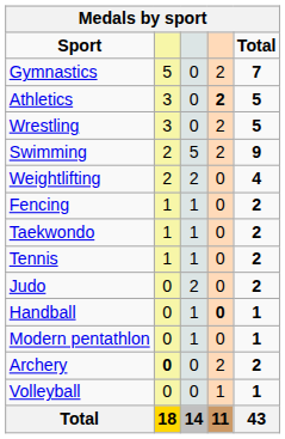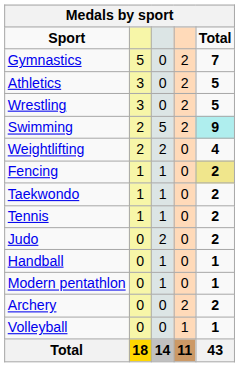 <table class="wikitable" style="font-size:85%;float:right;clear:right;">
 <tr style="background:#efefef;">
 <th colspan=5>Medals by sport</th>
 </tr>
 <tr align=center>
 <td><strong>Sport</strong></td>
 <td bgcolor=#f7f6a8></td>
 <td bgcolor=#dce5e5></td>
 <td bgcolor=#ffdab9></td>
 <td><strong>Total</strong></td>
 </tr>
 <tr align=center>
 <td align=left><a href='#'>Gymnastics</a></td>
 <td style="background:#F7F6A8;">5</td>
 <td style="background:#DCE5E5;">0</td>
 <td style="background:#FFDAB9;">2</td>
 <td><strong>7</strong></td>
 </tr>
 <tr align=center>
 <td align=left><a href='#'>Athletics</a></td>
 <td style="background:#F7F6A8;">3</td>
 <td style="background:#DCE5E5;">0</td>
-<td style="background:#FFDAB9;"><strong>2</strong></td>
+<td style="background:#FFDAB9;">2</td>
 <td><strong>5</strong></td>
 </tr>
 <tr align=center>
 <td align=left><a href='#'>Wrestling</a></td>
 <td style="background:#F7F6A8;">3</td>
 <td style="background:#DCE5E5;">0</td>
 <td style="background:#FFDAB9;">2</td>
 <td><strong>5</strong></td>
 </tr>
 <tr align=center>
 <td align=left><a href='#'>Swimming</a></td>
 <td style="background:#F7F6A8;">2</td>
 <td style="background:#DCE5E5;">5</td>
 <td style="background:#FFDAB9;">2</td>
-<td><strong>9</strong></td>
+<td style="background: paleturquoise;"><strong>9</strong></td>
 </tr>
 <tr align=center>
 <td align=left><a href='#'>Weightlifting</a></td>
 <td style="background:#F7F6A8;">2</td>
 <td style="background:#DCE5E5;">2</td>
 <td style="background:#FFDAB9;">0</td>
 <td><strong>4</strong></td>
 </tr>
 <tr align=center>
 <td align=left><a href='#'>Fencing</a></td>
 <td style="background:#F7F6A8;">1</td>
 <td style="background:#DCE5E5;">1</td>
 <td style="background:#FFDAB9;">0</td>
-<td><strong>2</strong></td>
+<td style="background: khaki;"><strong>2</strong></td>
 </tr>
 <tr align=center>
 <td align=left><a href='#'>Taekwondo</a></td>
 <td style="background:#F7F6A8;">1</td>
 <td style="background:#DCE5E5;">1</td>
 <td style="background:#FFDAB9;">0</td>
 <td><strong>2</strong></td>
 </tr>
 <tr align=center>
 <td align=left><a href='#'>Tennis</a></td>
 <td style="background:#F7F6A8;">1</td>
 <td style="background:#DCE5E5;">1</td>
 <td style="background:#FFDAB9;">0</td>
 <td><strong>2</strong></td>
 </tr>
 <tr align=center>
 <td align=left><a href='#'>Judo</a></td>
 <td style="background:#F7F6A8;">0</td>
 <td style="background:#DCE5E5;">2</td>
 <td style="background:#FFDAB9;">0</td>
 <td><strong>2</strong></td>
 </tr>
 <tr align=center>
 <td align=left><a href='#'>Handball</a></td>
 <td style="background:#F7F6A8;">0</td>
 <td style="background:#DCE5E5;">1</td>
-<td style="background:#FFDAB9;"><strong>0</strong></td>
+<td style="background:#FFDAB9;">0</td>
 <td><strong>1</strong></td>
 </tr>
 <tr align=center>
 <td align=left><a href='#'>Modern pentathlon</a></td>
 <td style="background:#F7F6A8;">0</td>
 <td style="background:#DCE5E5;">1</td>
 <td style="background:#FFDAB9;">0</td>
 <td><strong>1</strong></td>
 </tr>
 <tr align=center>
 <td align=left><a href='#'>Archery</a></td>
-<td style="background:#F7F6A8;"><strong>0</strong></td>
+<td style="background:#F7F6A8;">0</td>
 <td style="background:#DCE5E5;">0</td>
 <td style="background:#FFDAB9;">2</td>
 <td><strong>2</strong></td>
 </tr>
 <tr align=center>
 <td align=left><a href='#'>Volleyball</a></td>
 <td style="background:#F7F6A8;">0</td>
 <td style="background:#DCE5E5;">0</td>
 <td style="background:#FFDAB9;">1</td>
 <td><strong>1</strong></td>
 </tr>
 <tr align=center>
 <th>Total</th>
 <th style="background:gold;">18</th>
 <th style="background:silver;">14</th>
 <th style="background:#c96;">11</th>
 <th>43</th>
 </tr>
 </table>
